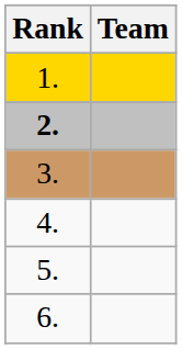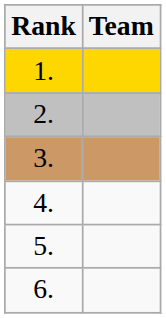 <table class="wikitable">
 <tr>
 <th>Rank</th>
 <th>Team</th>
 </tr>
 <tr bgcolor=gold>
 <td align="center">1.</td>
 <td></td>
 </tr>
 <tr bgcolor=silver>
-<td align="center"><strong>2.</strong></td>
+<td align="center">2.</td>
 <td></td>
 </tr>
 <tr bgcolor=#cc9966>
 <td align="center">3.</td>
 <td></td>
 </tr>
 <tr>
 <td align="center">4.</td>
 <td></td>
 </tr>
 <tr>
 <td align="center">5.</td>
 <td></td>
 </tr>
 <tr>
 <td align="center">6.</td>
 <td></td>
 </tr>
 </table>
